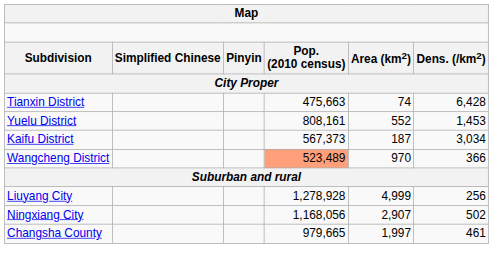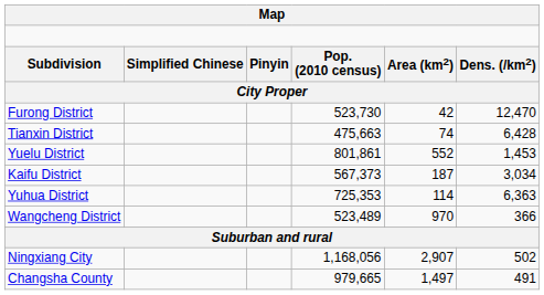 <table class="wikitable">
 <tr>
 <th colspan="6">Map</th>
 </tr>
 <tr>
 <td colspan="6"><div><br>          </div></td>
 </tr>
 <tr>
 <th align="left">Subdivision</th>
 <th align="right">Simplified Chinese</th>
 <th align="right">Pinyin</th>
 <th align="right">Pop.<br>(2010 census)</th>
 <th align="right">Area (km<sup>2</sup>)</th>
 <th align="right">Dens. (/km<sup>2</sup>)</th>
 </tr>
 <tr>
 <th colspan="6"><em>City Proper</em></th>
 </tr>
 <tr>
+<td><a href='#'>Furong District</a></td>
+<td align="right"></td>
+<td align="left"></td>
+<td align="right">523,730</td>
+<td align="right">42</td>
+<td align="right">12,470</td>
+</tr>
+<tr>
 <td><a href='#'>Tianxin District</a></td>
 <td align="right"></td>
 <td align="left"></td>
 <td align="right">475,663</td>
 <td align="right">74</td>
 <td align="right">6,428</td>
 </tr>
 <tr>
 <td><a href='#'>Yuelu District</a></td>
 <td align="right"></td>
 <td align="left"></td>
-<td align="right">808,161</td>
+<td align="right">801,861</td>
 <td align="right">552</td>
 <td align="right">1,453</td>
 </tr>
 <tr>
 <td><a href='#'>Kaifu District</a></td>
 <td align="right"></td>
 <td align="left"></td>
 <td align="right">567,373</td>
 <td align="right">187</td>
 <td align="right">3,034</td>
 </tr>
 <tr>
+<td><a href='#'>Yuhua District</a></td>
+<td align="right"></td>
+<td align="left"></td>
+<td align="right">725,353</td>
+<td align="right">114</td>
+<td align="right">6,363</td>
+</tr>
+<tr>
 <td><a href='#'>Wangcheng District</a></td>
 <td align="right"></td>
 <td align="left"></td>
-<td align="right" style="background: lightsalmon;">523,489</td>
+<td align="right">523,489</td>
 <td align="right">970</td>
 <td align="right">366</td>
 </tr>
 <tr>
 <th colspan="6"><em>Suburban and rural</em></th>
-</tr>
-<tr>
-<td><a href='#'>Liuyang City</a></td>
-<td align="right"></td>
-<td align="left"></td>
-<td align="right">1,278,928</td>
-<td align="right">4,999</td>
-<td align="right">256</td>
 </tr>
 <tr>
 <td><a href='#'>Ningxiang City</a></td>
 <td align="right"></td>
 <td align="left"></td>
 <td align="right">1,168,056</td>
 <td align="right">2,907</td>
 <td align="right">502</td>
 </tr>
 <tr>
 <td><a href='#'>Changsha County</a></td>
 <td align="right"></td>
 <td align="left"></td>
 <td align="right">979,665</td>
-<td align="right">1,997</td>
-<td align="right">461</td>
+<td align="right">1,497</td>
+<td align="right">491</td>
 </tr>
 </table>
